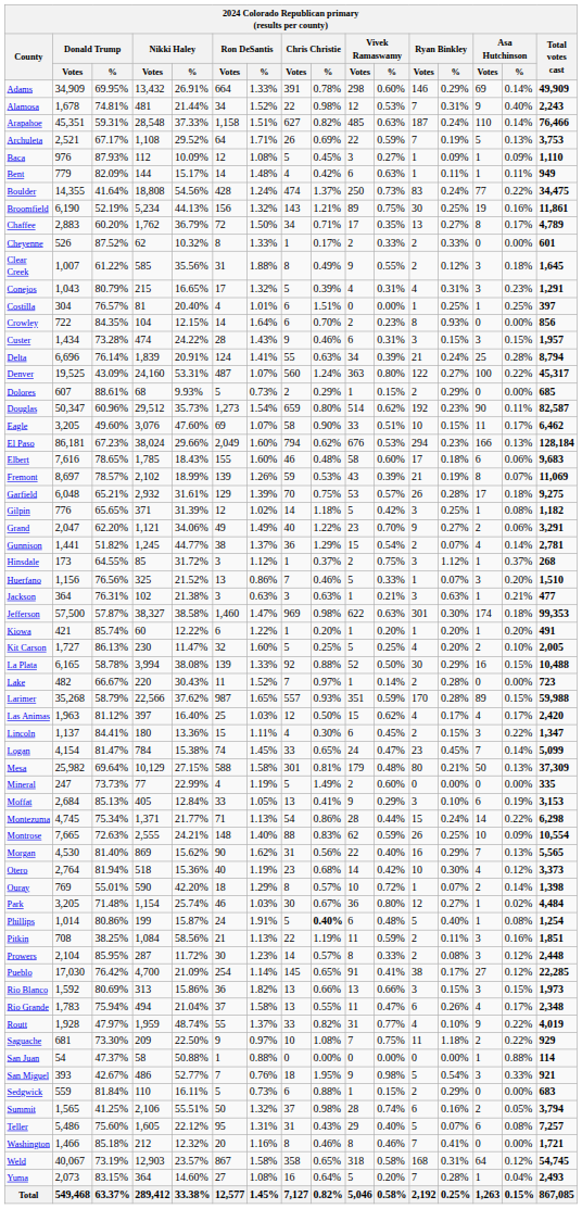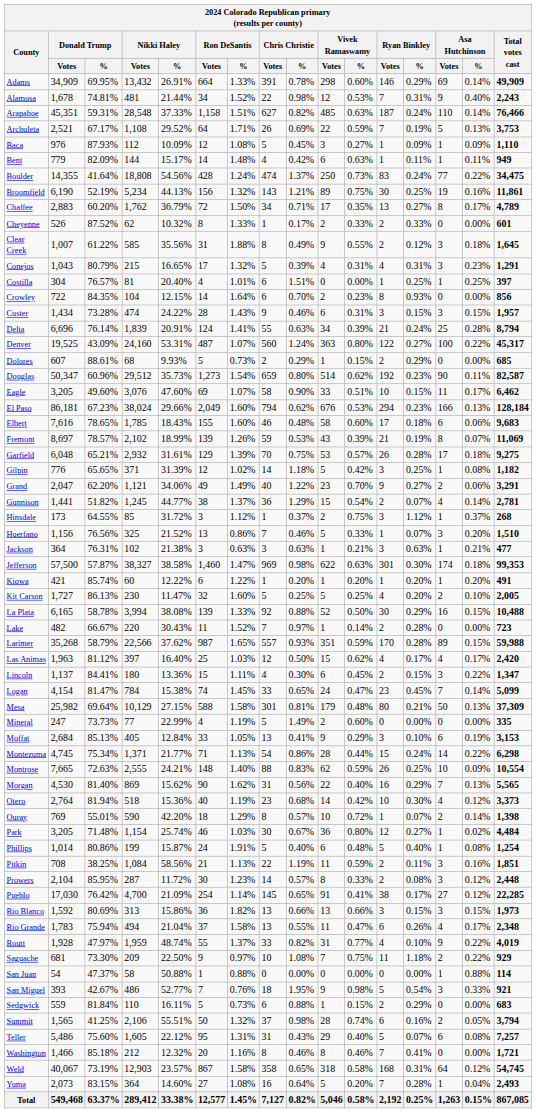 <table class="wikitable sortable mw-collapsible mw-collapsed">
 <tr>
 <th colspan="16"><small>2024 Colorado Republican primary</small><br><small>(results per county)</small></th>
 </tr>
 <tr>
 <th rowspan="2"><small>County</small></th>
 <th colspan="2"><small>Donald Trump</small></th>
 <th colspan="2"><small>Nikki Haley</small></th>
 <th colspan="2"><small>Ron DeSantis</small></th>
 <th colspan="2"><small>Chris Christie</small></th>
 <th colspan="2"><small>Vivek Ramaswamy</small></th>
 <th colspan="2"><small>Ryan Binkley</small></th>
 <th colspan="2"><small>Asa Hutchinson</small></th>
 <th rowspan="2"><small>Total votes cast</small></th>
 </tr>
 <tr>
 <th><small>Votes</small></th>
 <th><small>%</small></th>
 <th><small>Votes</small></th>
 <th><small>%</small></th>
 <th><small>Votes</small></th>
 <th><small>%</small></th>
 <th><small>Votes</small></th>
 <th><small>%</small></th>
 <th><small>Votes</small></th>
 <th><small>%</small></th>
 <th><small>Votes</small></th>
 <th><small>%</small></th>
 <th><small>Votes</small></th>
 <th><small>%</small></th>
 </tr>
 <tr>
 <td><small><a href='#'>Adams</a></small></td>
 <td>34,909</td>
 <td>69.95%</td>
 <td>13,432</td>
 <td>26.91%</td>
 <td>664</td>
 <td>1.33%</td>
 <td>391</td>
 <td>0.78%</td>
 <td>298</td>
 <td>0.60%</td>
 <td>146</td>
 <td>0.29%</td>
 <td>69</td>
 <td>0.14%</td>
 <td><strong>49,909</strong></td>
 </tr>
 <tr>
 <td><small><a href='#'>Alamosa</a></small></td>
 <td>1,678</td>
 <td>74.81%</td>
 <td>481</td>
 <td>21.44%</td>
 <td>34</td>
 <td>1.52%</td>
 <td>22</td>
 <td>0.98%</td>
 <td>12</td>
 <td>0.53%</td>
 <td>7</td>
 <td>0.31%</td>
 <td>9</td>
 <td>0.40%</td>
 <td><strong>2,243</strong></td>
 </tr>
 <tr>
 <td><small><a href='#'>Arapahoe</a></small></td>
 <td>45,351</td>
 <td>59.31%</td>
 <td>28,548</td>
 <td>37.33%</td>
 <td>1,158</td>
 <td>1.51%</td>
 <td>627</td>
 <td>0.82%</td>
 <td>485</td>
 <td>0.63%</td>
 <td>187</td>
 <td>0.24%</td>
 <td>110</td>
 <td>0.14%</td>
 <td><strong>76,466</strong></td>
 </tr>
 <tr>
 <td><small><a href='#'>Archuleta</a></small></td>
 <td>2,521</td>
 <td>67.17%</td>
 <td>1,108</td>
 <td>29.52%</td>
 <td>64</td>
 <td>1.71%</td>
 <td>26</td>
 <td>0.69%</td>
 <td>22</td>
 <td>0.59%</td>
 <td>7</td>
 <td>0.19%</td>
 <td>5</td>
 <td>0.13%</td>
 <td><strong>3,753</strong></td>
 </tr>
 <tr>
 <td><small><a href='#'>Baca</a></small></td>
 <td>976</td>
 <td>87.93%</td>
 <td>112</td>
 <td>10.09%</td>
 <td>12</td>
 <td>1.08%</td>
 <td>5</td>
 <td>0.45%</td>
 <td>3</td>
 <td>0.27%</td>
 <td>1</td>
 <td>0.09%</td>
 <td>1</td>
 <td>0.09%</td>
 <td><strong>1,110</strong></td>
 </tr>
 <tr>
 <td><small><a href='#'>Bent</a></small></td>
 <td>779</td>
 <td>82.09%</td>
 <td>144</td>
 <td>15.17%</td>
 <td>14</td>
 <td>1.48%</td>
 <td>4</td>
 <td>0.42%</td>
 <td>6</td>
 <td>0.63%</td>
 <td>1</td>
 <td>0.11%</td>
 <td>1</td>
 <td>0.11%</td>
 <td><strong>949</strong></td>
 </tr>
 <tr>
 <td><small><a href='#'>Boulder</a></small></td>
 <td>14,355</td>
 <td>41.64%</td>
 <td>18,808</td>
 <td>54.56%</td>
 <td>428</td>
 <td>1.24%</td>
 <td>474</td>
 <td>1.37%</td>
 <td>250</td>
 <td>0.73%</td>
 <td>83</td>
 <td>0.24%</td>
 <td>77</td>
 <td>0.22%</td>
 <td><strong>34,475</strong></td>
 </tr>
 <tr>
 <td><small><a href='#'>Broomfield</a></small></td>
 <td>6,190</td>
 <td>52.19%</td>
 <td>5,234</td>
 <td>44.13%</td>
 <td>156</td>
 <td>1.32%</td>
 <td>143</td>
 <td>1.21%</td>
 <td>89</td>
 <td>0.75%</td>
 <td>30</td>
 <td>0.25%</td>
 <td>19</td>
 <td>0.16%</td>
 <td><strong>11,861</strong></td>
 </tr>
 <tr>
 <td><small><a href='#'>Chaffee</a></small></td>
 <td>2,883</td>
 <td>60.20%</td>
 <td>1,762</td>
 <td>36.79%</td>
 <td>72</td>
 <td>1.50%</td>
 <td>34</td>
 <td>0.71%</td>
 <td>17</td>
 <td>0.35%</td>
 <td>13</td>
 <td>0.27%</td>
 <td>8</td>
 <td>0.17%</td>
 <td><strong>4,789</strong></td>
 </tr>
 <tr>
 <td><small><a href='#'>Cheyenne</a></small></td>
 <td>526</td>
 <td>87.52%</td>
 <td>62</td>
 <td>10.32%</td>
 <td>8</td>
 <td>1.33%</td>
 <td>1</td>
 <td>0.17%</td>
 <td>2</td>
 <td>0.33%</td>
 <td>2</td>
 <td>0.33%</td>
 <td>0</td>
 <td>0.00%</td>
 <td><strong>601</strong></td>
 </tr>
 <tr>
 <td><small><a href='#'>Clear Creek</a></small></td>
 <td>1,007</td>
 <td>61.22%</td>
 <td>585</td>
 <td>35.56%</td>
 <td>31</td>
 <td>1.88%</td>
 <td>8</td>
 <td>0.49%</td>
 <td>9</td>
 <td>0.55%</td>
 <td>2</td>
 <td>0.12%</td>
 <td>3</td>
 <td>0.18%</td>
 <td><strong>1,645</strong></td>
 </tr>
 <tr>
 <td><small><a href='#'>Conejos</a></small></td>
 <td>1,043</td>
 <td>80.79%</td>
 <td>215</td>
 <td>16.65%</td>
 <td>17</td>
 <td>1.32%</td>
 <td>5</td>
 <td>0.39%</td>
 <td>4</td>
 <td>0.31%</td>
 <td>4</td>
 <td>0.31%</td>
 <td>3</td>
 <td>0.23%</td>
 <td><strong>1,291</strong></td>
 </tr>
 <tr>
 <td><small><a href='#'>Costilla</a></small></td>
 <td>304</td>
 <td>76.57%</td>
 <td>81</td>
 <td>20.40%</td>
 <td>4</td>
 <td>1.01%</td>
 <td>6</td>
 <td>1.51%</td>
 <td>0</td>
 <td>0.00%</td>
 <td>1</td>
 <td>0.25%</td>
 <td>1</td>
 <td>0.25%</td>
 <td><strong>397</strong></td>
 </tr>
 <tr>
 <td><small><a href='#'>Crowley</a></small></td>
 <td>722</td>
 <td>84.35%</td>
 <td>104</td>
 <td>12.15%</td>
 <td>14</td>
 <td>1.64%</td>
 <td>6</td>
 <td>0.70%</td>
 <td>2</td>
 <td>0.23%</td>
 <td>8</td>
 <td>0.93%</td>
 <td>0</td>
 <td>0.00%</td>
 <td><strong>856</strong></td>
 </tr>
 <tr>
 <td><small><a href='#'>Custer</a></small></td>
 <td>1,434</td>
 <td>73.28%</td>
 <td>474</td>
 <td>24.22%</td>
 <td>28</td>
 <td>1.43%</td>
 <td>9</td>
 <td>0.46%</td>
 <td>6</td>
 <td>0.31%</td>
 <td>3</td>
 <td>0.15%</td>
 <td>3</td>
 <td>0.15%</td>
 <td><strong>1,957</strong></td>
 </tr>
 <tr>
 <td><small><a href='#'>Delta</a></small></td>
 <td>6,696</td>
 <td>76.14%</td>
 <td>1,839</td>
 <td>20.91%</td>
 <td>124</td>
 <td>1.41%</td>
 <td>55</td>
 <td>0.63%</td>
 <td>34</td>
 <td>0.39%</td>
 <td>21</td>
 <td>0.24%</td>
 <td>25</td>
 <td>0.28%</td>
 <td><strong>8,794</strong></td>
 </tr>
 <tr>
 <td><small><a href='#'>Denver</a></small></td>
 <td>19,525</td>
 <td>43.09%</td>
 <td>24,160</td>
 <td>53.31%</td>
 <td>487</td>
 <td>1.07%</td>
 <td>560</td>
 <td>1.24%</td>
 <td>363</td>
 <td>0.80%</td>
 <td>122</td>
 <td>0.27%</td>
 <td>100</td>
 <td>0.22%</td>
 <td><strong>45,317</strong></td>
 </tr>
 <tr>
 <td><small><a href='#'>Dolores</a></small></td>
 <td>607</td>
 <td>88.61%</td>
 <td>68</td>
 <td>9.93%</td>
 <td>5</td>
 <td>0.73%</td>
 <td>2</td>
 <td>0.29%</td>
 <td>1</td>
 <td>0.15%</td>
 <td>2</td>
 <td>0.29%</td>
 <td>0</td>
 <td>0.00%</td>
 <td><strong>685</strong></td>
 </tr>
 <tr>
 <td><small><a href='#'>Douglas</a></small></td>
 <td>50,347</td>
 <td>60.96%</td>
 <td>29,512</td>
 <td>35.73%</td>
 <td>1,273</td>
 <td>1.54%</td>
 <td>659</td>
 <td>0.80%</td>
 <td>514</td>
 <td>0.62%</td>
 <td>192</td>
 <td>0.23%</td>
 <td>90</td>
 <td>0.11%</td>
 <td><strong>82,587</strong></td>
 </tr>
 <tr>
 <td><small><a href='#'>Eagle</a></small></td>
 <td>3,205</td>
 <td>49.60%</td>
 <td>3,076</td>
 <td>47.60%</td>
 <td>69</td>
 <td>1.07%</td>
 <td>58</td>
 <td>0.90%</td>
 <td>33</td>
 <td>0.51%</td>
 <td>10</td>
 <td>0.15%</td>
 <td>11</td>
 <td>0.17%</td>
 <td><strong>6,462</strong></td>
 </tr>
 <tr>
 <td><small><a href='#'>El Paso</a></small></td>
 <td>86,181</td>
 <td>67.23%</td>
 <td>38,024</td>
 <td>29.66%</td>
 <td>2,049</td>
 <td>1.60%</td>
 <td>794</td>
 <td>0.62%</td>
 <td>676</td>
 <td>0.53%</td>
 <td>294</td>
 <td>0.23%</td>
 <td>166</td>
 <td>0.13%</td>
 <td><strong>128,184</strong></td>
 </tr>
 <tr>
 <td><small><a href='#'>Elbert</a></small></td>
 <td>7,616</td>
 <td>78.65%</td>
 <td>1,785</td>
 <td>18.43%</td>
 <td>155</td>
 <td>1.60%</td>
 <td>46</td>
 <td>0.48%</td>
 <td>58</td>
 <td>0.60%</td>
 <td>17</td>
 <td>0.18%</td>
 <td>6</td>
 <td>0.06%</td>
 <td><strong>9,683</strong></td>
 </tr>
 <tr>
 <td><small><a href='#'>Fremont</a></small></td>
 <td>8,697</td>
 <td>78.57%</td>
 <td>2,102</td>
 <td>18.99%</td>
 <td>139</td>
 <td>1.26%</td>
 <td>59</td>
 <td>0.53%</td>
 <td>43</td>
 <td>0.39%</td>
 <td>21</td>
 <td>0.19%</td>
 <td>8</td>
 <td>0.07%</td>
 <td><strong>11,069</strong></td>
 </tr>
 <tr>
 <td><small><a href='#'>Garfield</a></small></td>
 <td>6,048</td>
 <td>65.21%</td>
 <td>2,932</td>
 <td>31.61%</td>
 <td>129</td>
 <td>1.39%</td>
 <td>70</td>
 <td>0.75%</td>
 <td>53</td>
 <td>0.57%</td>
 <td>26</td>
 <td>0.28%</td>
 <td>17</td>
 <td>0.18%</td>
 <td><strong>9,275</strong></td>
 </tr>
 <tr>
 <td><small><a href='#'>Gilpin</a></small></td>
 <td>776</td>
 <td>65.65%</td>
 <td>371</td>
 <td>31.39%</td>
 <td>12</td>
 <td>1.02%</td>
 <td>14</td>
 <td>1.18%</td>
 <td>5</td>
 <td>0.42%</td>
 <td>3</td>
 <td>0.25%</td>
 <td>1</td>
 <td>0.08%</td>
 <td><strong>1,182</strong></td>
 </tr>
 <tr>
 <td><small><a href='#'>Grand</a></small></td>
 <td>2,047</td>
 <td>62.20%</td>
 <td>1,121</td>
 <td>34.06%</td>
 <td>49</td>
 <td>1.49%</td>
 <td>40</td>
 <td>1.22%</td>
 <td>23</td>
 <td>0.70%</td>
 <td>9</td>
 <td>0.27%</td>
 <td>2</td>
 <td>0.06%</td>
 <td><strong>3,291</strong></td>
 </tr>
 <tr>
 <td><small><a href='#'>Gunnison</a></small></td>
 <td>1,441</td>
 <td>51.82%</td>
 <td>1,245</td>
 <td>44.77%</td>
 <td>38</td>
 <td>1.37%</td>
 <td>36</td>
 <td>1.29%</td>
 <td>15</td>
 <td>0.54%</td>
 <td>2</td>
 <td>0.07%</td>
 <td>4</td>
 <td>0.14%</td>
 <td><strong>2,781</strong></td>
 </tr>
 <tr>
 <td><small><a href='#'>Hinsdale</a></small></td>
 <td>173</td>
 <td>64.55%</td>
 <td>85</td>
 <td>31.72%</td>
 <td>3</td>
 <td>1.12%</td>
 <td>1</td>
 <td>0.37%</td>
 <td>2</td>
 <td>0.75%</td>
 <td>3</td>
 <td>1.12%</td>
 <td>1</td>
 <td>0.37%</td>
 <td><strong>268</strong></td>
 </tr>
 <tr>
 <td><small><a href='#'>Huerfano</a></small></td>
 <td>1,156</td>
 <td>76.56%</td>
 <td>325</td>
 <td>21.52%</td>
 <td>13</td>
 <td>0.86%</td>
 <td>7</td>
 <td>0.46%</td>
 <td>5</td>
 <td>0.33%</td>
 <td>1</td>
 <td>0.07%</td>
 <td>3</td>
 <td>0.20%</td>
 <td><strong>1,510</strong></td>
 </tr>
 <tr>
 <td><small><a href='#'>Jackson</a></small></td>
 <td>364</td>
 <td>76.31%</td>
 <td>102</td>
 <td>21.38%</td>
 <td>3</td>
 <td>0.63%</td>
 <td>3</td>
 <td>0.63%</td>
 <td>1</td>
 <td>0.21%</td>
 <td>3</td>
 <td>0.63%</td>
 <td>1</td>
 <td>0.21%</td>
 <td><strong>477</strong></td>
 </tr>
 <tr>
 <td><small><a href='#'>Jefferson</a></small></td>
 <td>57,500</td>
 <td>57.87%</td>
 <td>38,327</td>
 <td>38.58%</td>
 <td>1,460</td>
 <td>1.47%</td>
 <td>969</td>
 <td>0.98%</td>
 <td>622</td>
 <td>0.63%</td>
 <td>301</td>
 <td>0.30%</td>
 <td>174</td>
 <td>0.18%</td>
 <td><strong>99,353</strong></td>
 </tr>
 <tr>
 <td><small><a href='#'>Kiowa</a></small></td>
 <td>421</td>
 <td>85.74%</td>
 <td>60</td>
 <td>12.22%</td>
 <td>6</td>
 <td>1.22%</td>
 <td>1</td>
 <td>0.20%</td>
 <td>1</td>
 <td>0.20%</td>
 <td>1</td>
 <td>0.20%</td>
 <td>1</td>
 <td>0.20%</td>
 <td><strong>491</strong></td>
 </tr>
 <tr>
 <td><small><a href='#'>Kit Carson</a></small></td>
 <td>1,727</td>
 <td>86.13%</td>
 <td>230</td>
 <td>11.47%</td>
 <td>32</td>
 <td>1.60%</td>
 <td>5</td>
 <td>0.25%</td>
 <td>5</td>
 <td>0.25%</td>
 <td>4</td>
 <td>0.20%</td>
 <td>2</td>
 <td>0.10%</td>
 <td><strong>2,005</strong></td>
 </tr>
 <tr>
 <td><small><a href='#'>La Plata</a></small></td>
 <td>6,165</td>
 <td>58.78%</td>
 <td>3,994</td>
 <td>38.08%</td>
 <td>139</td>
 <td>1.33%</td>
 <td>92</td>
 <td>0.88%</td>
 <td>52</td>
 <td>0.50%</td>
 <td>30</td>
 <td>0.29%</td>
 <td>16</td>
 <td>0.15%</td>
 <td><strong>10,488</strong></td>
 </tr>
 <tr>
 <td><small><a href='#'>Lake</a></small></td>
 <td>482</td>
 <td>66.67%</td>
 <td>220</td>
 <td>30.43%</td>
 <td>11</td>
 <td>1.52%</td>
 <td>7</td>
 <td>0.97%</td>
 <td>1</td>
 <td>0.14%</td>
 <td>2</td>
 <td>0.28%</td>
 <td>0</td>
 <td>0.00%</td>
 <td><strong>723</strong></td>
 </tr>
 <tr>
 <td><small><a href='#'>Larimer</a></small></td>
 <td>35,268</td>
 <td>58.79%</td>
 <td>22,566</td>
 <td>37.62%</td>
 <td>987</td>
 <td>1.65%</td>
 <td>557</td>
 <td>0.93%</td>
 <td>351</td>
 <td>0.59%</td>
 <td>170</td>
 <td>0.28%</td>
 <td>89</td>
 <td>0.15%</td>
 <td><strong>59,988</strong></td>
 </tr>
 <tr>
 <td><small><a href='#'>Las Animas</a></small></td>
 <td>1,963</td>
 <td>81.12%</td>
 <td>397</td>
 <td>16.40%</td>
 <td>25</td>
 <td>1.03%</td>
 <td>12</td>
 <td>0.50%</td>
 <td>15</td>
 <td>0.62%</td>
 <td>4</td>
 <td>0.17%</td>
 <td>4</td>
 <td>0.17%</td>
 <td><strong>2,420</strong></td>
 </tr>
 <tr>
 <td><small><a href='#'>Lincoln</a></small></td>
 <td>1,137</td>
 <td>84.41%</td>
 <td>180</td>
 <td>13.36%</td>
 <td>15</td>
 <td>1.11%</td>
 <td>4</td>
 <td>0.30%</td>
 <td>6</td>
 <td>0.45%</td>
 <td>2</td>
 <td>0.15%</td>
 <td>3</td>
 <td>0.22%</td>
 <td><strong>1,347</strong></td>
 </tr>
 <tr>
 <td><small><a href='#'>Logan</a></small></td>
 <td>4,154</td>
 <td>81.47%</td>
 <td>784</td>
 <td>15.38%</td>
 <td>74</td>
 <td>1.45%</td>
 <td>33</td>
 <td>0.65%</td>
 <td>24</td>
 <td>0.47%</td>
 <td>23</td>
 <td>0.45%</td>
 <td>7</td>
 <td>0.14%</td>
 <td><strong>5,099</strong></td>
 </tr>
 <tr>
 <td><small><a href='#'>Mesa</a></small></td>
 <td>25,982</td>
 <td>69.64%</td>
 <td>10,129</td>
 <td>27.15%</td>
 <td>588</td>
 <td>1.58%</td>
 <td>301</td>
 <td>0.81%</td>
 <td>179</td>
 <td>0.48%</td>
 <td>80</td>
 <td>0.21%</td>
 <td>50</td>
 <td>0.13%</td>
 <td><strong>37,309</strong></td>
 </tr>
 <tr>
 <td><small><a href='#'>Mineral</a></small></td>
 <td>247</td>
 <td>73.73%</td>
 <td>77</td>
 <td>22.99%</td>
 <td>4</td>
 <td>1.19%</td>
 <td>5</td>
 <td>1.49%</td>
 <td>2</td>
 <td>0.60%</td>
 <td>0</td>
 <td>0.00%</td>
 <td>0</td>
 <td>0.00%</td>
 <td><strong>335</strong></td>
 </tr>
 <tr>
 <td><small><a href='#'>Moffat</a></small></td>
 <td>2,684</td>
 <td>85.13%</td>
 <td>405</td>
 <td>12.84%</td>
 <td>33</td>
 <td>1.05%</td>
 <td>13</td>
 <td>0.41%</td>
 <td>9</td>
 <td>0.29%</td>
 <td>3</td>
 <td>0.10%</td>
 <td>6</td>
 <td>0.19%</td>
 <td><strong>3,153</strong></td>
 </tr>
 <tr>
 <td><small><a href='#'>Montezuma</a></small></td>
 <td>4,745</td>
 <td>75.34%</td>
 <td>1,371</td>
 <td>21.77%</td>
 <td>71</td>
 <td>1.13%</td>
 <td>54</td>
 <td>0.86%</td>
 <td>28</td>
 <td>0.44%</td>
 <td>15</td>
 <td>0.24%</td>
 <td>14</td>
 <td>0.22%</td>
 <td><strong>6,298</strong></td>
 </tr>
 <tr>
 <td><small><a href='#'>Montrose</a></small></td>
 <td>7,665</td>
 <td>72.63%</td>
 <td>2,555</td>
 <td>24.21%</td>
 <td>148</td>
 <td>1.40%</td>
 <td>88</td>
 <td>0.83%</td>
 <td>62</td>
 <td>0.59%</td>
 <td>26</td>
 <td>0.25%</td>
 <td>10</td>
 <td>0.09%</td>
 <td><strong>10,554</strong></td>
 </tr>
 <tr>
 <td><small><a href='#'>Morgan</a></small></td>
 <td>4,530</td>
 <td>81.40%</td>
 <td>869</td>
 <td>15.62%</td>
 <td>90</td>
 <td>1.62%</td>
 <td>31</td>
 <td>0.56%</td>
 <td>22</td>
 <td>0.40%</td>
 <td>16</td>
 <td>0.29%</td>
 <td>7</td>
 <td>0.13%</td>
 <td><strong>5,565</strong></td>
 </tr>
 <tr>
 <td><small><a href='#'>Otero</a></small></td>
 <td>2,764</td>
 <td>81.94%</td>
 <td>518</td>
 <td>15.36%</td>
 <td>40</td>
 <td>1.19%</td>
 <td>23</td>
 <td>0.68%</td>
 <td>14</td>
 <td>0.42%</td>
 <td>10</td>
 <td>0.30%</td>
 <td>4</td>
 <td>0.12%</td>
 <td><strong>3,373</strong></td>
 </tr>
 <tr>
 <td><small><a href='#'>Ouray</a></small></td>
 <td>769</td>
 <td>55.01%</td>
 <td>590</td>
 <td>42.20%</td>
 <td>18</td>
 <td>1.29%</td>
 <td>8</td>
 <td>0.57%</td>
 <td>10</td>
 <td>0.72%</td>
 <td>1</td>
 <td>0.07%</td>
 <td>2</td>
 <td>0.14%</td>
 <td><strong>1,398</strong></td>
 </tr>
 <tr>
 <td><small><a href='#'>Park</a></small></td>
 <td>3,205</td>
 <td>71.48%</td>
 <td>1,154</td>
 <td>25.74%</td>
 <td>46</td>
 <td>1.03%</td>
 <td>30</td>
 <td>0.67%</td>
 <td>36</td>
 <td>0.80%</td>
 <td>12</td>
 <td>0.27%</td>
 <td>1</td>
 <td>0.02%</td>
 <td><strong>4,484</strong></td>
 </tr>
 <tr>
 <td><small><a href='#'>Phillips</a></small></td>
 <td>1,014</td>
 <td>80.86%</td>
 <td>199</td>
 <td>15.87%</td>
 <td>24</td>
 <td>1.91%</td>
 <td>5</td>
-<td><strong>0.40%</strong></td>
+<td>0.40%</td>
 <td>6</td>
 <td>0.48%</td>
 <td>5</td>
 <td>0.40%</td>
 <td>1</td>
 <td>0.08%</td>
 <td><strong>1,254</strong></td>
 </tr>
 <tr>
 <td><small><a href='#'>Pitkin</a></small></td>
 <td>708</td>
 <td>38.25%</td>
 <td>1,084</td>
 <td>58.56%</td>
 <td>21</td>
 <td>1.13%</td>
 <td>22</td>
 <td>1.19%</td>
 <td>11</td>
 <td>0.59%</td>
 <td>2</td>
 <td>0.11%</td>
 <td>3</td>
 <td>0.16%</td>
 <td><strong>1,851</strong></td>
 </tr>
 <tr>
 <td><small><a href='#'>Prowers</a></small></td>
 <td>2,104</td>
 <td>85.95%</td>
 <td>287</td>
 <td>11.72%</td>
 <td>30</td>
 <td>1.23%</td>
 <td>14</td>
 <td>0.57%</td>
 <td>8</td>
 <td>0.33%</td>
 <td>2</td>
 <td>0.08%</td>
 <td>3</td>
 <td>0.12%</td>
 <td><strong>2,448</strong></td>
 </tr>
 <tr>
 <td><small><a href='#'>Pueblo</a></small></td>
 <td>17,030</td>
 <td>76.42%</td>
 <td>4,700</td>
 <td>21.09%</td>
 <td>254</td>
 <td>1.14%</td>
 <td>145</td>
 <td>0.65%</td>
 <td>91</td>
 <td>0.41%</td>
 <td>38</td>
 <td>0.17%</td>
 <td>27</td>
 <td>0.12%</td>
 <td><strong>22,285</strong></td>
 </tr>
 <tr>
 <td><small><a href='#'>Rio Blanco</a></small></td>
 <td>1,592</td>
 <td>80.69%</td>
 <td>313</td>
 <td>15.86%</td>
 <td>36</td>
 <td>1.82%</td>
 <td>13</td>
 <td>0.66%</td>
 <td>13</td>
 <td>0.66%</td>
 <td>3</td>
 <td>0.15%</td>
 <td>3</td>
 <td>0.15%</td>
 <td><strong>1,973</strong></td>
 </tr>
 <tr>
 <td><small><a href='#'>Rio Grande</a></small></td>
 <td>1,783</td>
 <td>75.94%</td>
 <td>494</td>
 <td>21.04%</td>
 <td>37</td>
 <td>1.58%</td>
 <td>13</td>
 <td>0.55%</td>
 <td>11</td>
 <td>0.47%</td>
 <td>6</td>
 <td>0.26%</td>
 <td>4</td>
 <td>0.17%</td>
 <td><strong>2,348</strong></td>
 </tr>
 <tr>
 <td><small><a href='#'>Routt</a></small></td>
 <td>1,928</td>
 <td>47.97%</td>
 <td>1,959</td>
 <td>48.74%</td>
 <td>55</td>
 <td>1.37%</td>
 <td>33</td>
 <td>0.82%</td>
 <td>31</td>
 <td>0.77%</td>
 <td>4</td>
 <td>0.10%</td>
 <td>9</td>
 <td>0.22%</td>
 <td><strong>4,019</strong></td>
 </tr>
 <tr>
 <td><small><a href='#'>Saguache</a></small></td>
 <td>681</td>
 <td>73.30%</td>
 <td>209</td>
 <td>22.50%</td>
 <td>9</td>
 <td>0.97%</td>
 <td>10</td>
 <td>1.08%</td>
 <td>7</td>
 <td>0.75%</td>
 <td>11</td>
 <td>1.18%</td>
 <td>2</td>
 <td>0.22%</td>
 <td><strong>929</strong></td>
 </tr>
 <tr>
 <td><small><a href='#'>San Juan</a></small></td>
 <td>54</td>
 <td>47.37%</td>
 <td>58</td>
 <td>50.88%</td>
 <td>1</td>
 <td>0.88%</td>
 <td>0</td>
 <td>0.00%</td>
 <td>0</td>
 <td>0.00%</td>
 <td>0</td>
 <td>0.00%</td>
 <td>1</td>
 <td>0.88%</td>
 <td><strong>114</strong></td>
 </tr>
 <tr>
 <td><small><a href='#'>San Miguel</a></small></td>
 <td>393</td>
 <td>42.67%</td>
 <td>486</td>
 <td>52.77%</td>
 <td>7</td>
 <td>0.76%</td>
 <td>18</td>
 <td>1.95%</td>
 <td>9</td>
 <td>0.98%</td>
 <td>5</td>
 <td>0.54%</td>
 <td>3</td>
 <td>0.33%</td>
 <td><strong>921</strong></td>
 </tr>
 <tr>
 <td><small><a href='#'>Sedgwick</a></small></td>
 <td>559</td>
 <td>81.84%</td>
 <td>110</td>
 <td>16.11%</td>
 <td>5</td>
 <td>0.73%</td>
 <td>6</td>
 <td>0.88%</td>
 <td>1</td>
 <td>0.15%</td>
 <td>2</td>
 <td>0.29%</td>
 <td>0</td>
 <td>0.00%</td>
 <td><strong>683</strong></td>
 </tr>
 <tr>
 <td><small><a href='#'>Summit</a></small></td>
 <td>1,565</td>
 <td>41.25%</td>
 <td>2,106</td>
 <td>55.51%</td>
 <td>50</td>
 <td>1.32%</td>
 <td>37</td>
 <td>0.98%</td>
 <td>28</td>
 <td>0.74%</td>
 <td>6</td>
 <td>0.16%</td>
 <td>2</td>
 <td>0.05%</td>
 <td><strong>3,794</strong></td>
 </tr>
 <tr>
 <td><small><a href='#'>Teller</a></small></td>
 <td>5,486</td>
 <td>75.60%</td>
 <td>1,605</td>
 <td>22.12%</td>
 <td>95</td>
 <td>1.31%</td>
 <td>31</td>
 <td>0.43%</td>
 <td>29</td>
 <td>0.40%</td>
 <td>5</td>
 <td>0.07%</td>
 <td>6</td>
 <td>0.08%</td>
 <td><strong>7,257</strong></td>
 </tr>
 <tr>
 <td><small><a href='#'>Washington</a></small></td>
 <td>1,466</td>
 <td>85.18%</td>
 <td>212</td>
 <td>12.32%</td>
 <td>20</td>
 <td>1.16%</td>
 <td>8</td>
 <td>0.46%</td>
 <td>8</td>
 <td>0.46%</td>
 <td>7</td>
 <td>0.41%</td>
 <td>0</td>
 <td>0.00%</td>
 <td><strong>1,721</strong></td>
 </tr>
 <tr>
 <td><small><a href='#'>Weld</a></small></td>
 <td>40,067</td>
 <td>73.19%</td>
 <td>12,903</td>
 <td>23.57%</td>
 <td>867</td>
 <td>1.58%</td>
 <td>358</td>
 <td>0.65%</td>
 <td>318</td>
 <td>0.58%</td>
 <td>168</td>
 <td>0.31%</td>
 <td>64</td>
 <td>0.12%</td>
 <td><strong>54,745</strong></td>
 </tr>
 <tr>
 <td><small><a href='#'>Yuma</a></small></td>
 <td>2,073</td>
 <td>83.15%</td>
 <td>364</td>
 <td>14.60%</td>
 <td>27</td>
 <td>1.08%</td>
 <td>16</td>
 <td>0.64%</td>
 <td>5</td>
 <td>0.20%</td>
 <td>7</td>
 <td>0.28%</td>
 <td>1</td>
 <td>0.04%</td>
 <td><strong>2,493</strong></td>
 </tr>
 <tr>
 <th><small>Total</small></th>
 <th>549,468</th>
 <th>63.37%</th>
 <th>289,412</th>
 <th>33.38%</th>
 <th>12,577</th>
 <th>1.45%</th>
 <th>7,127</th>
 <th>0.82%</th>
 <th>5,046</th>
 <th>0.58%</th>
 <th>2,192</th>
 <th>0.25%</th>
 <th>1,263</th>
 <th>0.15%</th>
 <th>867,085</th>
 </tr>
 </table>
